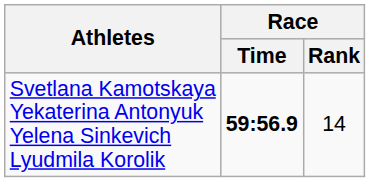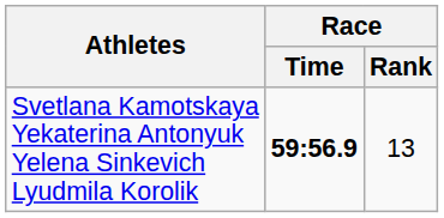 <table class="wikitable" border="1" style="font-size:90%">
 <tr>
 <th rowspan=2>Athletes</th>
 <th colspan=2>Race</th>
 </tr>
 <tr>
 <th>Time</th>
 <th>Rank</th>
 </tr>
 <tr>
 <td><a href='#'>Svetlana Kamotskaya</a><br><a href='#'>Yekaterina Antonyuk</a><br><a href='#'>Yelena Sinkevich</a><br><a href='#'>Lyudmila Korolik</a></td>
 <td align=center><strong>59:56.9</strong></td>
-<td align=center>14</td>
+<td align=center>13</td>
 </tr>
 </table>
